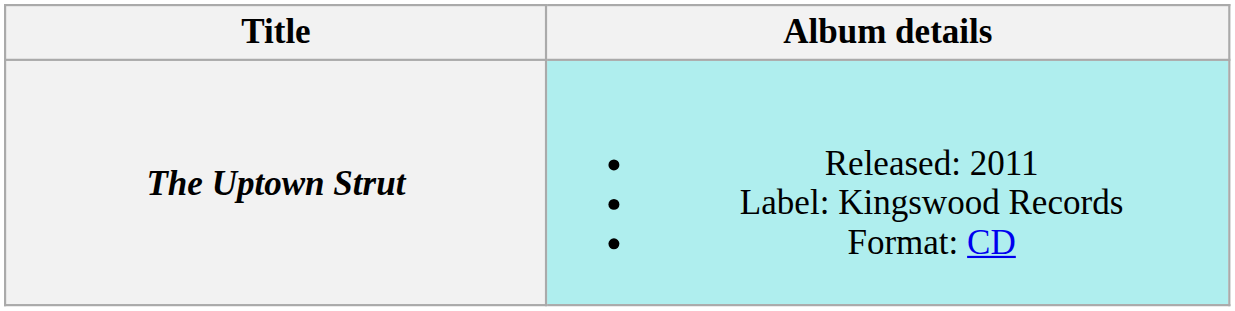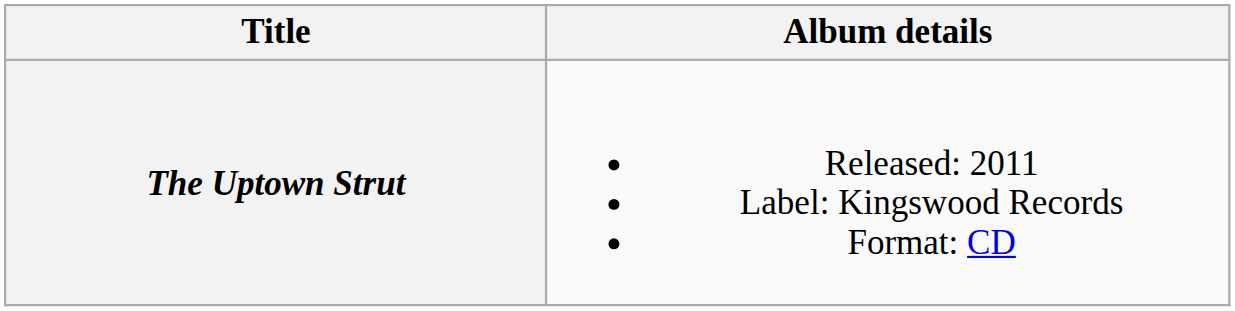 <table class="wikitable plainrowheaders" style="text-align:center">
 <tr>
 <th scope="col" style="width:15em;">Title</th>
 <th scope="col" style="width:19em;">Album details</th>
 </tr>
 <tr>
 <th scope="row"><em>The Uptown Strut</em></th>
-<td style="background: paleturquoise;"><br><ul><li>Released: 2011</li><li>Label: Kingswood Records</li><li>Format: <a href='#'>CD</a></li></ul></td>
+<td><br><ul><li>Released: 2011</li><li>Label: Kingswood Records</li><li>Format: <a href='#'>CD</a></li></ul></td>
 </tr>
 </table>
